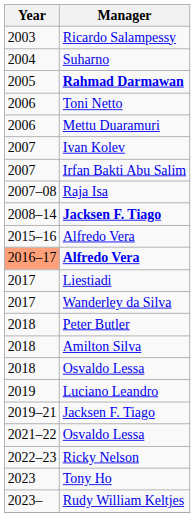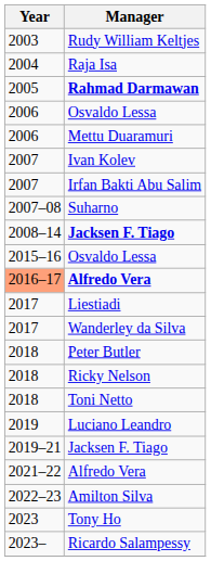 <table class="wikitable">
 <tr>
 <th>Year</th>
 <th>Manager</th>
 </tr>
 <tr>
 <td>2003</td>
-<td> <a href='#'>Ricardo Salampessy</a></td>
+<td> <a href='#'>Rudy William Keltjes</a></td>
 </tr>
 <tr>
 <td>2004</td>
-<td> <a href='#'>Suharno</a></td>
+<td> <a href='#'>Raja Isa</a></td>
 </tr>
 <tr>
 <td>2005</td>
 <td><strong> <a href='#'>Rahmad Darmawan</a></strong></td>
 </tr>
 <tr>
 <td>2006</td>
-<td> <a href='#'>Toni Netto</a></td>
+<td> <a href='#'>Osvaldo Lessa</a></td>
 </tr>
 <tr>
 <td>2006</td>
 <td> <a href='#'>Mettu Duaramuri</a></td>
 </tr>
 <tr>
 <td>2007</td>
 <td> <a href='#'>Ivan Kolev</a></td>
 </tr>
 <tr>
 <td>2007</td>
 <td> <a href='#'>Irfan Bakti Abu Salim</a></td>
 </tr>
 <tr>
 <td>2007–08</td>
-<td> <a href='#'>Raja Isa</a></td>
+<td> <a href='#'>Suharno</a></td>
 </tr>
 <tr>
 <td>2008–14</td>
 <td><strong> <a href='#'>Jacksen F. Tiago</a></strong></td>
 </tr>
 <tr>
 <td>2015–16</td>
-<td> <a href='#'>Alfredo Vera</a></td>
+<td> <a href='#'>Osvaldo Lessa</a></td>
 </tr>
 <tr>
 <td style="background: lightsalmon;">2016–17</td>
 <td><strong> <a href='#'>Alfredo Vera</a></strong></td>
 </tr>
 <tr>
 <td>2017</td>
 <td> <a href='#'>Liestiadi</a></td>
 </tr>
 <tr>
 <td>2017</td>
 <td> <a href='#'>Wanderley da Silva</a></td>
 </tr>
 <tr>
 <td>2018</td>
 <td> <a href='#'>Peter Butler</a></td>
 </tr>
 <tr>
 <td>2018</td>
-<td> <a href='#'>Amilton Silva</a></td>
+<td> <a href='#'>Ricky Nelson</a></td>
 </tr>
 <tr>
 <td>2018</td>
-<td> <a href='#'>Osvaldo Lessa</a></td>
+<td> <a href='#'>Toni Netto</a></td>
 </tr>
 <tr>
 <td>2019</td>
 <td> <a href='#'>Luciano Leandro</a></td>
 </tr>
 <tr>
 <td>2019–21</td>
 <td> <a href='#'>Jacksen F. Tiago</a></td>
 </tr>
 <tr>
 <td>2021–22</td>
-<td> <a href='#'>Osvaldo Lessa</a></td>
+<td> <a href='#'>Alfredo Vera</a></td>
 </tr>
 <tr>
 <td>2022–23</td>
-<td> <a href='#'>Ricky Nelson</a></td>
+<td> <a href='#'>Amilton Silva</a></td>
 </tr>
 <tr>
 <td>2023</td>
 <td> <a href='#'>Tony Ho</a></td>
 </tr>
 <tr>
 <td>2023–</td>
-<td> <a href='#'>Rudy William Keltjes</a></td>
+<td> <a href='#'>Ricardo Salampessy</a></td>
 </tr>
 <tr>
 </tr>
 </table>
